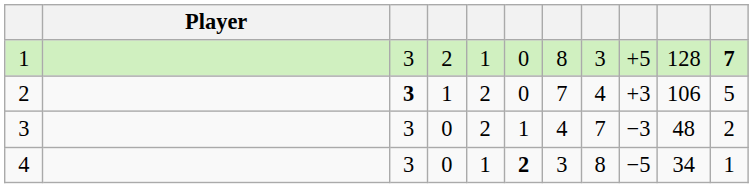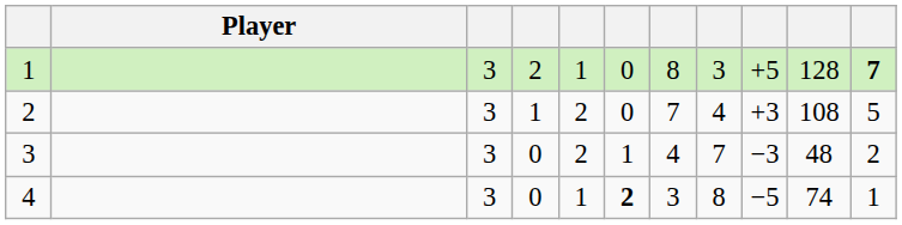 <table class="wikitable" style="text-align:center; margin: 1em auto 1em auto, align:left">
 <tr>
 <th width=20></th>
 <th width=240>Player</th>
 <th width=20></th>
 <th width=20></th>
 <th width=20></th>
 <th width=20></th>
 <th width=20></th>
 <th width=20></th>
 <th width=20></th>
 <th width=30></th>
 <th width=20></th>
 </tr>
 <tr style="background:#D0F0C0;">
 <td>1</td>
 <td align=left></td>
 <td>3</td>
 <td>2</td>
 <td>1</td>
 <td>0</td>
 <td>8</td>
 <td>3</td>
 <td>+5</td>
 <td>128</td>
 <td><strong>7</strong></td>
 </tr>
 <tr style=>
 <td>2</td>
 <td align=left></td>
-<td><strong>3</strong></td>
+<td>3</td>
 <td>1</td>
 <td>2</td>
 <td>0</td>
 <td>7</td>
 <td>4</td>
 <td>+3</td>
-<td>106</td>
+<td>108</td>
 <td>5</td>
 </tr>
 <tr style=>
 <td>3</td>
 <td align=left></td>
 <td>3</td>
 <td>0</td>
 <td>2</td>
 <td>1</td>
 <td>4</td>
 <td>7</td>
 <td>−3</td>
 <td>48</td>
 <td>2</td>
 </tr>
 <tr style=>
 <td>4</td>
 <td align=left></td>
 <td>3</td>
 <td>0</td>
 <td>1</td>
 <td><strong>2</strong></td>
 <td>3</td>
 <td>8</td>
 <td>−5</td>
-<td>34</td>
+<td>74</td>
 <td>1</td>
 </tr>
 </table>
